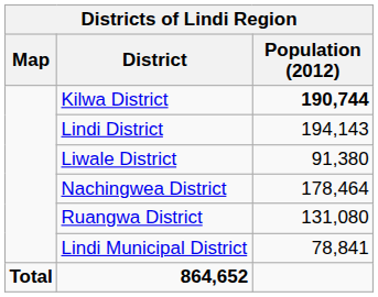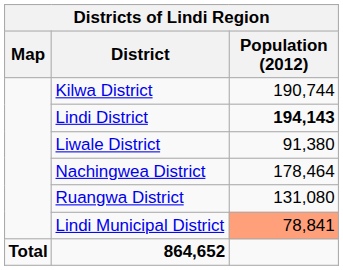 <table class="wikitable">
 <tr>
 <th colspan="7">Districts of Lindi Region</th>
 </tr>
 <tr style="text-align:center;">
 <th>Map</th>
 <th style="width: 10em">District</th>
 <th style="width: 6em">Population<br>(2012)</th>
 </tr>
 <tr>
 <td rowspan=6></td>
 <td><a href='#'>Kilwa District</a></td>
-<td style="text-align:right;"><strong>190,744</strong></td>
+<td style="text-align:right;">190,744</td>
 </tr>
 <tr>
 <td><a href='#'>Lindi District</a></td>
-<td style="text-align:right;">194,143</td>
+<td style="text-align:right;"><strong>194,143</strong></td>
 </tr>
 <tr>
 <td><a href='#'>Liwale District</a></td>
 <td style="text-align:right;">91,380</td>
 </tr>
 <tr>
 <td><a href='#'>Nachingwea District</a></td>
 <td style="text-align:right;">178,464</td>
 </tr>
 <tr>
 <td><a href='#'>Ruangwa District</a></td>
 <td style="text-align:right;">131,080</td>
 </tr>
 <tr>
 <td><a href='#'>Lindi Municipal District</a></td>
-<td style="text-align:right;">78,841</td>
+<td style="background: lightsalmon; text-align:right;">78,841</td>
 </tr>
 <tr>
 <td><strong>Total</strong></td>
 <td style="text-align:right;"><strong>864,652</strong></td>
 </tr>
 </table>
